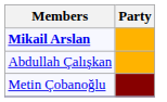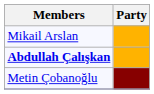 <table class=wikitable style="border:1px solid #8888aa; background-color:#f7f8ff; padding:0px; font-size:90%;">
 <tr>
 <th>Members</th>
 <th colspan="2">Party</th>
 </tr>
 <tr>
-<td><strong><a href='#'>Mikail Arslan</a></strong></td>
+<td><a href='#'>Mikail Arslan</a></td>
 <td style="background: #ffb300"></td>
 </tr>
 <tr>
-<td><a href='#'>Abdullah Çalışkan</a></td>
+<td><strong><a href='#'>Abdullah Çalışkan</a></strong></td>
 <td style="background: #ffb300"></td>
 </tr>
 <tr>
 <td><a href='#'>Metin Çobanoğlu</a></td>
 <td style="background: #870000"></td>
 </tr>
 <tr>
 </tr>
 </table>
